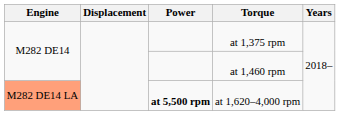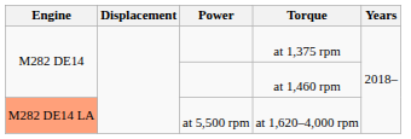 <table class="wikitable sortable" style="text-align: center;">
 <tr>
 <th>Engine</th>
 <th>Displacement</th>
 <th>Power</th>
 <th>Torque</th>
 <th>Years</th>
 </tr>
 <tr>
 <td rowspan="2">M282 DE14</td>
 <td rowspan="3"></td>
 <td></td>
 <td> <br> at 1,375 rpm</td>
 <td rowspan="3">2018–</td>
 </tr>
 <tr>
 <td></td>
 <td> <br> at 1,460 rpm</td>
 </tr>
 <tr>
 <td style="background: lightsalmon;">M282 DE14 LA</td>
-<td><strong> <br> at 5,500 rpm</strong></td>
+<td> <br> at 5,500 rpm</td>
 <td> <br> at 1,620–4,000 rpm</td>
 </tr>
 </table>
